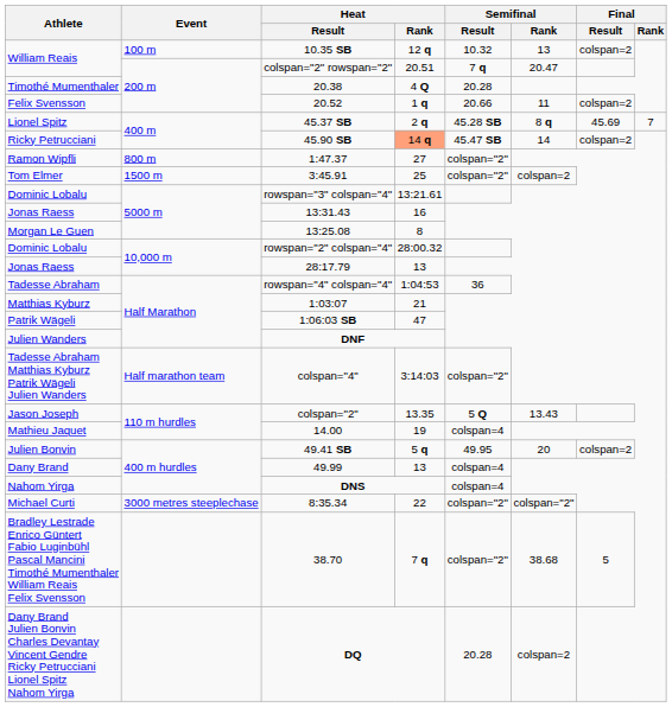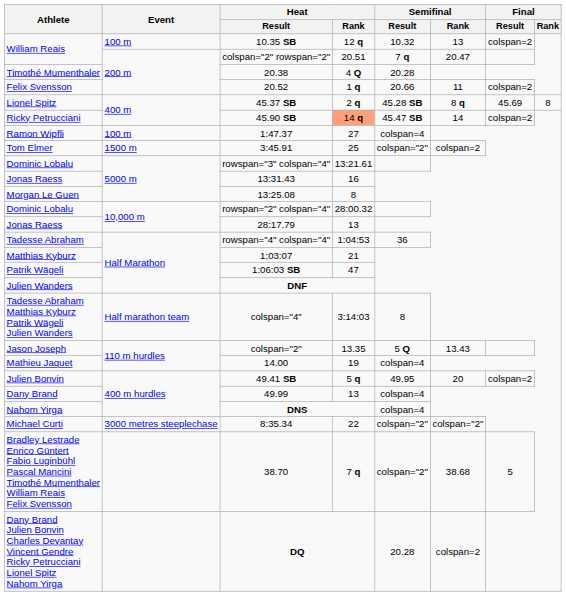 <table class="wikitable" style="font-size:90%">
 <tr>
 <th rowspan="2">Athlete</th>
 <th rowspan="2">Event</th>
 <th colspan="2">Heat</th>
 <th colspan="2">Semifinal</th>
 <th colspan="2">Final</th>
 </tr>
 <tr style="font-size:95%">
 <th>Result</th>
 <th>Rank</th>
 <th>Result</th>
 <th>Rank</th>
 <th>Result</th>
 <th>Rank</th>
 </tr>
 <tr align=center>
 <td rowspan="2" align="left"><a href='#'>William Reais</a></td>
 <td align=left><a href='#'>100 m</a></td>
 <td>10.35 <strong>SB</strong></td>
 <td>12 <strong>q</strong></td>
 <td>10.32</td>
 <td>13</td>
 <td>colspan=2 </td>
 </tr>
 <tr align=center>
 <td align=left rowspan="3"><a href='#'>200 m</a></td>
 <td>colspan="2" rowspan="2" </td>
 <td>20.51</td>
 <td>7 <strong>q</strong></td>
 <td>20.47</td>
 <td></td>
 </tr>
 <tr align=center>
 <td align=left><a href='#'>Timothé Mumenthaler</a></td>
 <td>20.38</td>
 <td>4 <strong>Q</strong></td>
 <td>20.28</td>
 <td></td>
 </tr>
 <tr align=center>
 <td align=left><a href='#'>Felix Svensson</a></td>
 <td>20.52</td>
 <td>1 <strong>q</strong></td>
 <td>20.66</td>
 <td>11</td>
 <td>colspan=2 </td>
 </tr>
 <tr align=center>
 <td align=left><a href='#'>Lionel Spitz</a></td>
 <td align=left rowspan="2"><a href='#'>400 m</a></td>
 <td>45.37 <strong>SB</strong></td>
 <td>2 <strong>q</strong></td>
 <td>45.28 <strong>SB</strong></td>
 <td>8 <strong>q</strong></td>
 <td>45.69</td>
-<td>7</td>
+<td>8</td>
 </tr>
 <tr align=center>
 <td align=left><a href='#'>Ricky Petrucciani</a></td>
 <td>45.90 <strong>SB</strong></td>
 <td style="background: lightsalmon;">14 <strong>q</strong></td>
 <td>45.47 <strong>SB</strong></td>
 <td>14</td>
 <td>colspan=2 </td>
 </tr>
 <tr align=center>
 <td align=left><a href='#'>Ramon Wipfli</a></td>
-<td align=left><a href='#'>800 m</a></td>
+<td align=left><a href='#'>100 m</a></td>
 <td>1:47.37</td>
 <td>27</td>
-<td>colspan="2" </td>
+<td>colspan=4 </td>
 </tr>
 <tr align=center>
 <td align=left><a href='#'>Tom Elmer</a></td>
 <td align=left><a href='#'>1500 m</a></td>
 <td>3:45.91</td>
 <td>25</td>
 <td>colspan="2" </td>
 <td>colspan=2 </td>
 </tr>
 <tr align=center>
 <td align=left><a href='#'>Dominic Lobalu</a></td>
 <td align=left rowspan="3"><a href='#'>5000 m</a></td>
 <td>rowspan="3" colspan="4" </td>
 <td>13:21.61</td>
 <td></td>
 </tr>
 <tr align=center>
 <td align=left><a href='#'>Jonas Raess</a></td>
 <td>13:31.43</td>
 <td>16</td>
 </tr>
 <tr align=center>
 <td align=left><a href='#'>Morgan Le Guen</a></td>
 <td>13:25.08</td>
 <td>8</td>
 </tr>
 <tr align=center>
 <td align=left><a href='#'>Dominic Lobalu</a></td>
 <td align=left rowspan="2"><a href='#'>10,000 m</a></td>
 <td>rowspan="2" colspan="4" </td>
 <td>28:00.32</td>
 <td></td>
 </tr>
 <tr align=center>
 <td align=left><a href='#'>Jonas Raess</a></td>
 <td>28:17.79</td>
 <td>13</td>
 </tr>
 <tr align=center>
 <td align=left><a href='#'>Tadesse Abraham</a></td>
 <td align=left rowspan="4"><a href='#'>Half Marathon</a></td>
 <td>rowspan="4" colspan="4" </td>
 <td>1:04:53</td>
 <td>36</td>
 </tr>
 <tr align=center>
 <td align=left><a href='#'>Matthias Kyburz</a></td>
 <td>1:03:07</td>
 <td>21</td>
 </tr>
 <tr align=center>
 <td align=left><a href='#'>Patrik Wägeli</a></td>
 <td>1:06:03 <strong>SB</strong></td>
 <td>47</td>
 </tr>
 <tr align=center>
 <td align=left><a href='#'>Julien Wanders</a></td>
 <td colspan="2"><strong>DNF</strong></td>
 </tr>
 <tr align=center>
 <td align=left><a href='#'>Tadesse Abraham</a> <br> <a href='#'>Matthias Kyburz</a> <br> <a href='#'>Patrik Wägeli</a><br> <a href='#'>Julien Wanders</a></td>
 <td align=left><a href='#'>Half marathon team</a></td>
 <td>colspan="4" </td>
 <td>3:14:03</td>
-<td>colspan="2" </td>
+<td>8</td>
 </tr>
 <tr align=center>
 <td align=left><a href='#'>Jason Joseph</a></td>
 <td align=left rowspan="2"><a href='#'>110 m hurdles</a></td>
 <td>colspan="2"</td>
 <td>13.35</td>
 <td>5 <strong>Q</strong></td>
 <td>13.43</td>
 <td></td>
 </tr>
 <tr align=center>
 <td align=left><a href='#'>Mathieu Jaquet</a></td>
 <td>14.00</td>
 <td>19</td>
 <td>colspan=4 </td>
 </tr>
 <tr align=center>
 <td align=left><a href='#'>Julien Bonvin</a></td>
 <td align=left rowspan="3"><a href='#'>400 m hurdles</a></td>
 <td>49.41 <strong>SB</strong></td>
 <td>5 <strong>q</strong></td>
 <td>49.95</td>
 <td>20</td>
 <td>colspan=2 </td>
 </tr>
 <tr align=center>
 <td align=left><a href='#'>Dany Brand</a></td>
 <td>49.99</td>
 <td>13</td>
 <td>colspan=4 </td>
 </tr>
 <tr align=center>
 <td align=left><a href='#'>Nahom Yirga</a></td>
 <td colspan="2"><strong>DNS</strong></td>
 <td>colspan=4 </td>
 </tr>
 <tr align=center>
 <td align=left><a href='#'>Michael Curti</a></td>
 <td align=left><a href='#'>3000 metres steeplechase</a></td>
 <td>8:35.34</td>
 <td>22</td>
 <td>colspan="2" </td>
 <td>colspan="2" </td>
 </tr>
 <tr align=center>
 <td align=left><a href='#'>Bradley Lestrade</a><br><a href='#'>Enrico Güntert</a> <br> <a href='#'>Fabio Luginbühl</a><br><a href='#'>Pascal Mancini</a><br> <a href='#'>Timothé Mumenthaler</a> <br> <a href='#'>William Reais</a> <br> <a href='#'>Felix Svensson</a></td>
 <td align=left><a href='#'></a></td>
 <td>38.70</td>
 <td>7 <strong>q</strong></td>
 <td>colspan="2" </td>
 <td>38.68</td>
 <td>5</td>
 </tr>
 <tr align=center>
 <td align=left><a href='#'>Dany Brand</a><br><a href='#'>Julien Bonvin</a> <br> <a href='#'>Charles Devantay</a><br><a href='#'>Vincent Gendre</a><br> <a href='#'>Ricky Petrucciani</a> <br> <a href='#'>Lionel Spitz</a> <br> <a href='#'>Nahom Yirga</a></td>
 <td align=left><a href='#'></a></td>
 <td colspan="2"><strong>DQ</strong></td>
 <td>20.28</td>
 <td>colspan=2 </td>
 </tr>
 </table>
